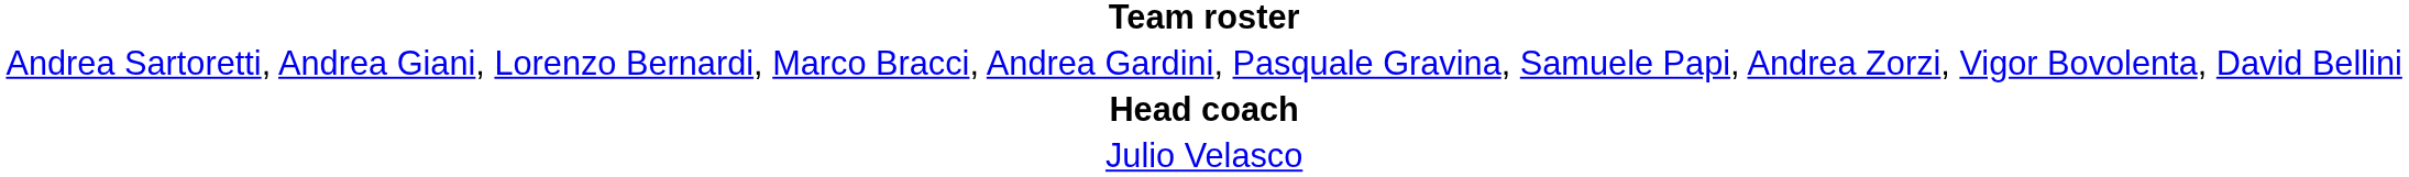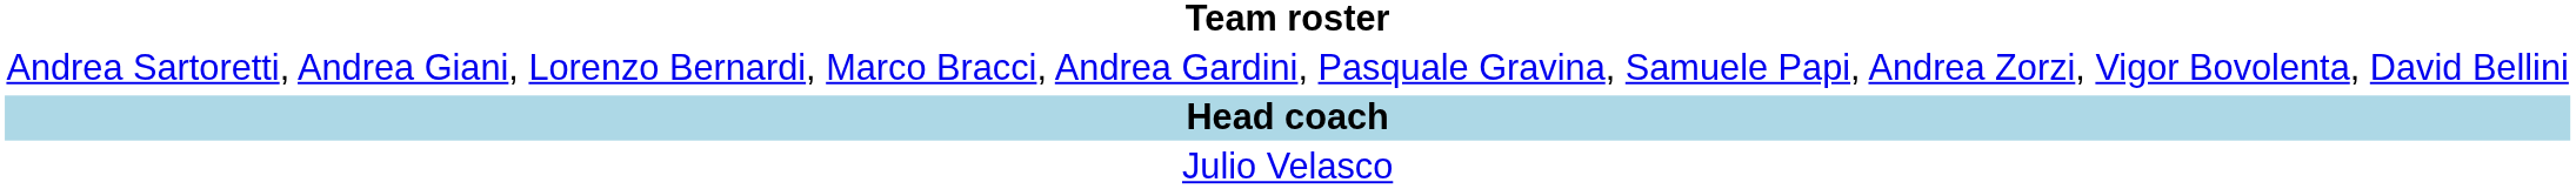 <table style="text-align:center; margin-top:2em; margin-left:auto; margin-right:auto">
 <tr>
 <td><strong>Team roster</strong></td>
 </tr>
 <tr>
 <td><a href='#'>Andrea Sartoretti</a>, <a href='#'>Andrea Giani</a>, <a href='#'>Lorenzo Bernardi</a>, <a href='#'>Marco Bracci</a>, <a href='#'>Andrea Gardini</a>, <a href='#'>Pasquale Gravina</a>, <a href='#'>Samuele Papi</a>, <a href='#'>Andrea Zorzi</a>, <a href='#'>Vigor Bovolenta</a>, <a href='#'>David Bellini</a></td>
 </tr>
 <tr>
-<td><strong>Head coach</strong></td>
+<td style="background: lightblue;"><strong>Head coach</strong></td>
 </tr>
 <tr>
 <td><a href='#'>Julio Velasco</a></td>
 </tr>
 <tr>
 </tr>
 </table>
